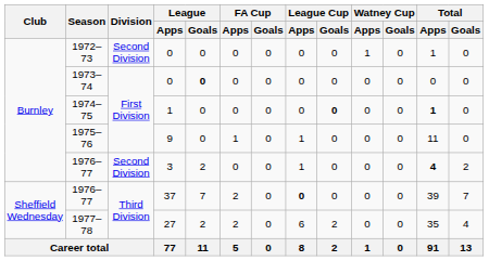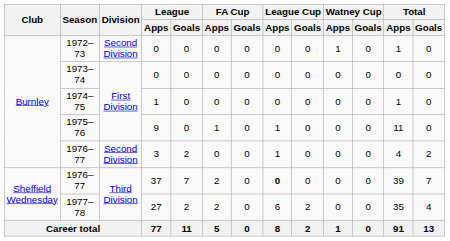 <table class=wikitable style=text-align:center>
 <tr>
 <th rowspan=2>Club</th>
 <th rowspan=2>Season</th>
 <th rowspan=2>Division</th>
 <th colspan=2>League</th>
 <th colspan=2>FA Cup</th>
 <th colspan=2>League Cup</th>
 <th colspan=2>Watney Cup</th>
 <th colspan=2>Total</th>
 </tr>
 <tr>
 <th>Apps</th>
 <th>Goals</th>
 <th>Apps</th>
 <th>Goals</th>
 <th>Apps</th>
 <th>Goals</th>
 <th>Apps</th>
 <th>Goals</th>
 <th>Apps</th>
 <th>Goals</th>
 </tr>
 <tr>
 <td rowspan=5><a href='#'>Burnley</a></td>
 <td>1972–73</td>
 <td><a href='#'>Second Division</a></td>
 <td>0</td>
 <td>0</td>
 <td>0</td>
 <td>0</td>
 <td>0</td>
 <td>0</td>
 <td>1</td>
 <td>0</td>
 <td>1</td>
 <td>0</td>
 </tr>
 <tr>
 <td>1973–74</td>
 <td rowspan=3><a href='#'>First Division</a></td>
 <td>0</td>
-<td><strong>0</strong></td>
+<td>0</td>
 <td>0</td>
 <td>0</td>
 <td>0</td>
 <td>0</td>
 <td>0</td>
 <td>0</td>
 <td>0</td>
 <td>0</td>
 </tr>
 <tr>
 <td>1974–75</td>
 <td>1</td>
 <td>0</td>
 <td>0</td>
 <td>0</td>
 <td>0</td>
-<td><strong>0</strong></td>
 <td>0</td>
 <td>0</td>
-<td><strong>1</strong></td>
+<td>0</td>
+<td>1</td>
 <td>0</td>
 </tr>
 <tr>
 <td>1975–76</td>
 <td>9</td>
 <td>0</td>
 <td>1</td>
 <td>0</td>
 <td>1</td>
 <td>0</td>
 <td>0</td>
 <td>0</td>
 <td>11</td>
 <td>0</td>
 </tr>
 <tr>
 <td>1976–77</td>
 <td><a href='#'>Second Division</a></td>
 <td>3</td>
 <td>2</td>
 <td>0</td>
 <td>0</td>
 <td>1</td>
 <td>0</td>
 <td>0</td>
 <td>0</td>
-<td><strong>4</strong></td>
+<td>4</td>
 <td>2</td>
 </tr>
 <tr>
 <td rowspan=2><a href='#'>Sheffield Wednesday</a></td>
 <td>1976–77</td>
 <td rowspan=2><a href='#'>Third Division</a></td>
 <td>37</td>
 <td>7</td>
 <td>2</td>
 <td>0</td>
 <td><strong>0</strong></td>
 <td>0</td>
 <td>0</td>
 <td>0</td>
 <td>39</td>
 <td>7</td>
 </tr>
 <tr>
 <td>1977–78</td>
 <td>27</td>
 <td>2</td>
 <td>2</td>
 <td>0</td>
 <td>6</td>
 <td>2</td>
 <td>0</td>
 <td>0</td>
 <td>35</td>
 <td>4</td>
 </tr>
 <tr>
 <th colspan=3>Career total</th>
 <th>77</th>
 <th>11</th>
 <th>5</th>
 <th>0</th>
 <th>8</th>
 <th>2</th>
 <th>1</th>
 <th>0</th>
 <th>91</th>
 <th>13</th>
 </tr>
 </table>
